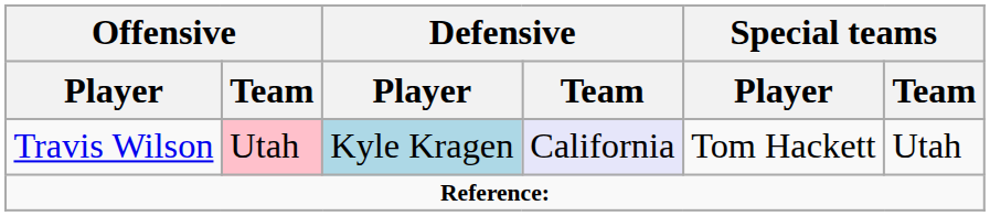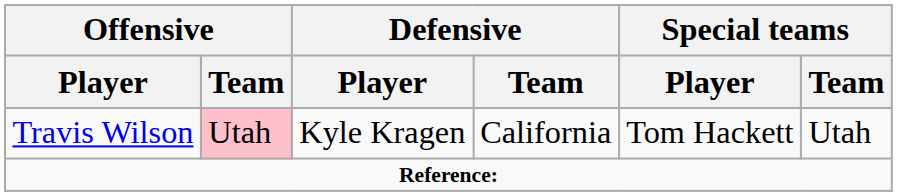 <table class="wikitable">
 <tr>
 <th colspan="2">Offensive</th>
 <th colspan="2">Defensive</th>
 <th colspan="2">Special teams</th>
 </tr>
 <tr>
 <th>Player</th>
 <th>Team</th>
 <th>Player</th>
 <th>Team</th>
 <th>Player</th>
 <th>Team</th>
 </tr>
 <tr>
 <td><a href='#'>Travis Wilson</a></td>
 <td style="background: pink;">Utah</td>
-<td style="background: lightblue;">Kyle Kragen</td>
-<td style="background: lavender;">California</td>
+<td>Kyle Kragen</td>
+<td>California</td>
 <td>Tom Hackett</td>
 <td>Utah</td>
 </tr>
 <tr>
 <td colspan="12"  style="font-size:8pt; text-align:center;"><strong>Reference:</strong></td>
 </tr>
 </table>
